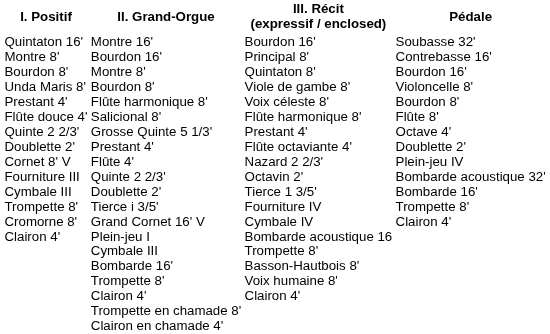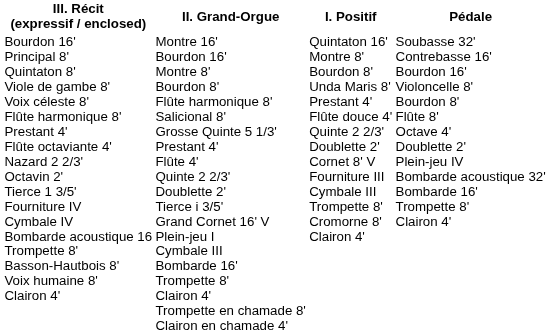 <table>
 <tr>
+<th>III. Récit<br>(expressif / enclosed)</th>
+<th>II. Grand-Orgue</th>
 <th>I. Positif</th>
-<th>II. Grand-Orgue</th>
-<th>III. Récit<br>(expressif / enclosed)</th>
 <th>Pédale</th>
 </tr>
 <tr style="vertical-align: top;">
+<td>Bourdon 16'<br>Principal 8'<br>Quintaton 8'<br>Viole de gambe 8'<br>Voix céleste 8'<br>Flûte harmonique 8'<br>Prestant 4'<br>Flûte octaviante 4'<br>Nazard 2 2/3'<br>Octavin 2'<br>Tierce 1 3/5'<br>Fourniture IV<br>Cymbale IV<br>Bombarde acoustique 16<br>Trompette 8'<br>Basson-Hautbois 8'<br>Voix humaine 8'<br>Clairon 4'</td>
+<td>Montre 16'<br>Bourdon 16'<br>Montre 8'<br>Bourdon 8'<br>Flûte harmonique 8'<br>Salicional 8'<br>Grosse Quinte 5 1/3'<br>Prestant 4'<br>Flûte 4'<br>Quinte 2 2/3'<br>Doublette 2'<br>Tierce	i 3/5'<br>Grand Cornet 16' V<br>Plein-jeu I<br>Cymbale III<br>Bombarde 16'<br>Trompette 8'<br>Clairon 4'<br>Trompette en chamade 8'<br>Clairon en chamade 4'</td>
 <td>Quintaton 16'<br>Montre 8'<br>Bourdon 8'<br>Unda Maris 8'<br>Prestant 4'<br>Flûte douce 4'<br>Quinte 2 2/3'<br>Doublette 2'<br>Cornet 8' V<br>Fourniture III<br>Cymbale III<br>Trompette 8'<br>Cromorne 8'<br>Clairon 4'</td>
-<td>Montre 16'<br>Bourdon 16'<br>Montre 8'<br>Bourdon 8'<br>Flûte harmonique 8'<br>Salicional 8'<br>Grosse Quinte 5 1/3'<br>Prestant 4'<br>Flûte 4'<br>Quinte 2 2/3'<br>Doublette 2'<br>Tierce	i 3/5'<br>Grand Cornet 16' V<br>Plein-jeu I<br>Cymbale III<br>Bombarde 16'<br>Trompette 8'<br>Clairon 4'<br>Trompette en chamade 8'<br>Clairon en chamade 4'</td>
-<td>Bourdon 16'<br>Principal 8'<br>Quintaton 8'<br>Viole de gambe 8'<br>Voix céleste 8'<br>Flûte harmonique 8'<br>Prestant 4'<br>Flûte octaviante 4'<br>Nazard 2 2/3'<br>Octavin 2'<br>Tierce 1 3/5'<br>Fourniture IV<br>Cymbale IV<br>Bombarde acoustique 16<br>Trompette 8'<br>Basson-Hautbois 8'<br>Voix humaine 8'<br>Clairon 4'</td>
 <td>Soubasse 32'<br>Contrebasse 16'<br>Bourdon 16'<br>Violoncelle 8'<br>Bourdon 8'<br>Flûte 8'<br>Octave 4'<br>Doublette 2'<br>Plein-jeu IV<br>Bombarde acoustique 32'<br>Bombarde 16'<br>Trompette 8'<br>Clairon 4'</td>
 </tr>
 </table>
